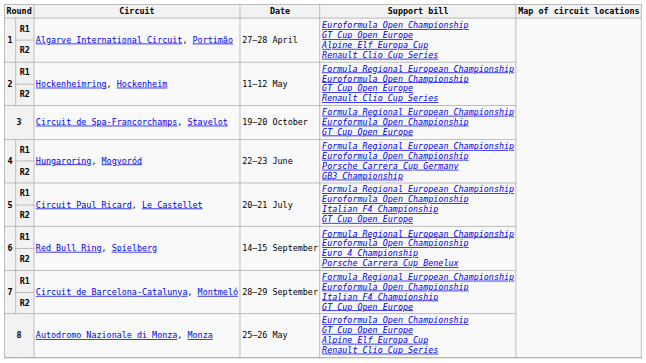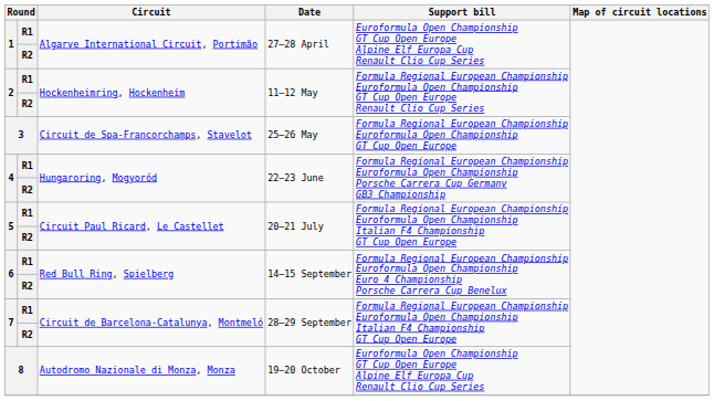 <table class="wikitable" style="font-size: 85%;">
 <tr>
 <th colspan="2">Round</th>
 <th>Circuit</th>
 <th>Date</th>
 <th>Support bill</th>
 <th>Map of circuit locations</th>
 </tr>
 <tr>
 <th rowspan="2">1</th>
 <th>R1</th>
 <td rowspan="2"> <a href='#'>Algarve International Circuit</a>, <a href='#'>Portimão</a></td>
 <td rowspan="2">27–28 April</td>
 <td rowspan="2"><em><a href='#'>Euroformula Open Championship</a></em><br><em><a href='#'>GT Cup Open Europe</a></em><br><em><a href='#'>Alpine Elf Europa Cup</a></em><br><em><a href='#'>Renault Clio Cup Series</a></em></td>
 <td rowspan="14"></td>
 </tr>
 <tr>
 <th>R2</th>
 </tr>
 <tr>
 <th rowspan="2">2</th>
 <th>R1</th>
 <td rowspan="2"> <a href='#'>Hockenheimring</a>, <a href='#'>Hockenheim</a></td>
 <td rowspan="2">11–12 May</td>
 <td rowspan="2"><em><a href='#'>Formula Regional European Championship</a></em><br><em><a href='#'>Euroformula Open Championship</a></em><br><em><a href='#'>GT Cup Open Europe</a></em><br><em><a href='#'>Renault Clio Cup Series</a></em></td>
 </tr>
 <tr>
 <th>R2</th>
 </tr>
 <tr>
 <th colspan="2">3</th>
 <td> <a href='#'>Circuit de Spa-Francorchamps</a>, <a href='#'>Stavelot</a></td>
-<td>19–20 October</td>
+<td>25–26 May</td>
 <td><em><a href='#'>Formula Regional European Championship</a></em><br><em><a href='#'>Euroformula Open Championship</a></em><br><em><a href='#'>GT Cup Open Europe</a></em></td>
 </tr>
 <tr>
 <th rowspan="2">4</th>
 <th>R1</th>
 <td rowspan="2"> <a href='#'>Hungaroring</a>, <a href='#'>Mogyoród</a></td>
 <td rowspan="2">22–23 June</td>
 <td rowspan="2"><em><a href='#'>Formula Regional European Championship</a></em><br><em><a href='#'>Euroformula Open Championship</a></em><br><em><a href='#'>Porsche Carrera Cup Germany</a></em><br><em><a href='#'>GB3 Championship</a></em></td>
 </tr>
 <tr>
 <th>R2</th>
 </tr>
 <tr>
 <th rowspan="2">5</th>
 <th>R1</th>
 <td rowspan="2"> <a href='#'>Circuit Paul Ricard</a>, <a href='#'>Le Castellet</a></td>
 <td rowspan="2">20–21 July</td>
 <td rowspan="2"><em><a href='#'>Formula Regional European Championship</a></em><br><em><a href='#'>Euroformula Open Championship</a></em><br><em><a href='#'>Italian F4 Championship</a></em><br><em><a href='#'>GT Cup Open Europe</a></em></td>
 </tr>
 <tr>
 <th>R2</th>
 </tr>
 <tr>
 <th rowspan="2">6</th>
 <th>R1</th>
 <td rowspan="2"> <a href='#'>Red Bull Ring</a>, <a href='#'>Spielberg</a></td>
 <td rowspan="2">14–15 September</td>
 <td rowspan="2"><em><a href='#'>Formula Regional European Championship</a></em><br><em><a href='#'>Euroformula Open Championship</a></em><br><em><a href='#'>Euro 4 Championship</a></em><br><em><a href='#'>Porsche Carrera Cup Benelux</a></em></td>
 </tr>
 <tr>
 <th>R2</th>
 </tr>
 <tr>
 <th rowspan="2">7</th>
 <th>R1</th>
 <td rowspan="2" nowrap> <a href='#'>Circuit de Barcelona-Catalunya</a>, <a href='#'>Montmeló</a></td>
 <td rowspan="2" nowrap>28–29 September</td>
 <td rowspan="2" nowrap><em><a href='#'>Formula Regional European Championship</a></em><br><em><a href='#'>Euroformula Open Championship</a></em><br><em><a href='#'>Italian F4 Championship</a></em><br><em><a href='#'>GT Cup Open Europe</a></em></td>
 </tr>
 <tr>
 <th>R2</th>
 </tr>
 <tr>
 <th colspan="2">8</th>
 <td> <a href='#'>Autodromo Nazionale di Monza</a>, <a href='#'>Monza</a></td>
-<td>25–26 May</td>
+<td>19–20 October</td>
 <td><em><a href='#'>Euroformula Open Championship</a></em><br><em><a href='#'>GT Cup Open Europe</a></em><br><em><a href='#'>Alpine Elf Europa Cup</a></em><br><em><a href='#'>Renault Clio Cup Series</a></em></td>
 </tr>
 <tr>
 </tr>
 </table>
